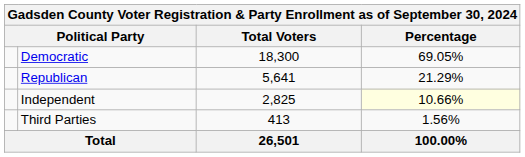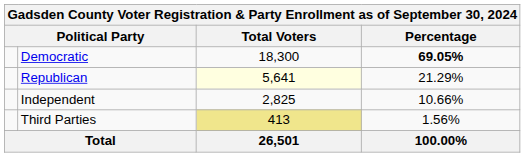 <table class=wikitable>
 <tr>
 <th colspan = 6>Gadsden County Voter Registration & Party Enrollment as of September 30, 2024</th>
 </tr>
 <tr>
 <th colspan = 2>Political Party</th>
 <th>Total Voters</th>
 <th>Percentage</th>
 </tr>
 <tr>
 <td></td>
 <td><a href='#'>Democratic</a></td>
 <td align = center>18,300</td>
-<td align = center>69.05%</td>
+<td align = center><strong>69.05%</strong></td>
 </tr>
 <tr>
 <td></td>
 <td><a href='#'>Republican</a></td>
-<td align = center>5,641</td>
+<td align = center style="background: lightyellow;">5,641</td>
 <td align = center>21.29%</td>
 </tr>
 <tr>
 <td></td>
 <td>Independent</td>
 <td align = center>2,825</td>
-<td align = center style="background: lightyellow;">10.66%</td>
+<td align = center>10.66%</td>
 </tr>
 <tr>
 <td></td>
 <td>Third Parties</td>
-<td align = center>413</td>
+<td align = center style="background: khaki;">413</td>
 <td align = center>1.56%</td>
 </tr>
 <tr>
 <th colspan = 2>Total</th>
 <th align = center>26,501</th>
 <th align = center>100.00%</th>
 </tr>
 </table>
